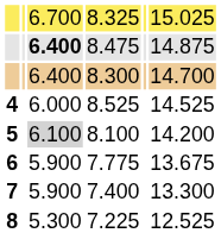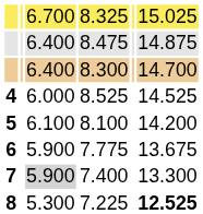 <table>
 <tr bgcolor=fbec5d>
 <th scope=row style="text-align:center"></th>
 <td align=left></td>
 <td>6.700</td>
 <td>8.325</td>
 <td></td>
 <td>15.025</td>
 </tr>
 <tr bgcolor=e5e5e5>
 <th scope=row style="text-align:center"></th>
 <td align=left></td>
-<td><strong>6.400</strong></td>
+<td>6.400</td>
 <td>8.475</td>
 <td></td>
 <td>14.875</td>
 </tr>
 <tr bgcolor=eecc99>
 <th scope=row style="text-align:center"></th>
 <td align=left></td>
 <td>6.400</td>
 <td>8.300</td>
 <td></td>
 <td>14.700</td>
 </tr>
 <tr>
 <th scope=row style="text-align:center">4</th>
 <td align=left></td>
 <td>6.000</td>
 <td>8.525</td>
 <td></td>
 <td>14.525</td>
 </tr>
 <tr>
 <th scope=row style="text-align:center">5</th>
 <td align=left></td>
-<td style="background: lightgrey;">6.100</td>
+<td>6.100</td>
 <td>8.100</td>
 <td></td>
 <td>14.200</td>
 </tr>
 <tr>
 <th scope=row style="text-align:center">6</th>
 <td align=left></td>
 <td>5.900</td>
 <td>7.775</td>
 <td></td>
 <td>13.675</td>
 </tr>
 <tr>
 <th scope=row style="text-align:center">7</th>
 <td align=left></td>
-<td>5.900</td>
+<td style="background: lightgrey;">5.900</td>
 <td>7.400</td>
 <td></td>
 <td>13.300</td>
 </tr>
 <tr>
 <th scope=row style="text-align:center">8</th>
 <td align=left></td>
 <td>5.300</td>
 <td>7.225</td>
 <td></td>
-<td>12.525</td>
+<td><strong>12.525</strong></td>
 </tr>
 <tr>
 </tr>
 </table>
